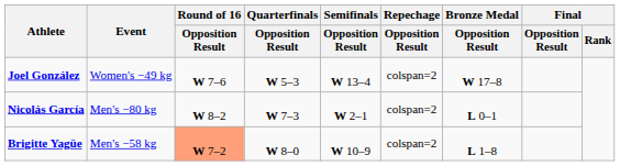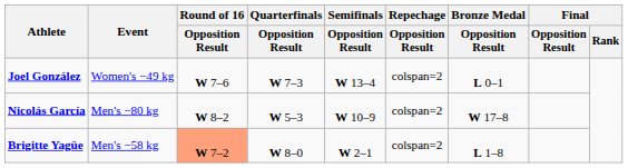 <table class="wikitable" style="font-size:90%">
 <tr>
 <th rowspan=2>Athlete</th>
 <th rowspan=2>Event</th>
 <th>Round of 16</th>
 <th>Quarterfinals</th>
 <th>Semifinals</th>
 <th>Repechage</th>
 <th>Bronze Medal</th>
 <th colspan=2>Final</th>
 </tr>
 <tr style="font-size:95%">
 <th>Opposition<br>Result</th>
 <th>Opposition<br>Result</th>
 <th>Opposition<br>Result</th>
 <th>Opposition<br>Result</th>
 <th>Opposition<br>Result</th>
 <th>Opposition<br>Result</th>
 <th>Rank</th>
 </tr>
 <tr align=center>
 <td align=left><strong><a href='#'>Joel González</a></strong></td>
 <td align=left><a href='#'>Women's −49 kg</a></td>
 <td><br><strong>W</strong> 7–6</td>
-<td><br><strong>W</strong> 5–3</td>
+<td><br><strong>W</strong> 7–3</td>
 <td><br><strong>W</strong> 13–4</td>
 <td>colspan=2 </td>
-<td><br><strong>W</strong> 17–8</td>
+<td><br><strong>L</strong> 0–1</td>
 <td></td>
 </tr>
 <tr align=center>
 <td align=left><strong><a href='#'>Nicolás García</a></strong></td>
 <td align=left><a href='#'>Men's −80 kg</a></td>
 <td><br><strong>W</strong> 8–2</td>
-<td><br><strong>W</strong> 7–3</td>
-<td><br><strong>W</strong> 2–1</td>
+<td><br><strong>W</strong> 5–3</td>
+<td><br><strong>W</strong> 10–9</td>
 <td>colspan=2 </td>
-<td><br><strong>L</strong> 0–1</td>
+<td><br><strong>W</strong> 17–8</td>
 <td></td>
 </tr>
 <tr align=center>
 <td align=left><strong><a href='#'>Brigitte Yagüe</a></strong></td>
 <td align=left><a href='#'>Men's −58 kg</a></td>
 <td style="background: lightsalmon;"><br><strong>W</strong> 7–2</td>
 <td><br><strong>W</strong> 8–0</td>
-<td><br><strong>W</strong> 10–9</td>
+<td><br><strong>W</strong> 2–1</td>
 <td>colspan=2 </td>
 <td><br><strong>L</strong> 1–8</td>
 <td></td>
 </tr>
 </table>
